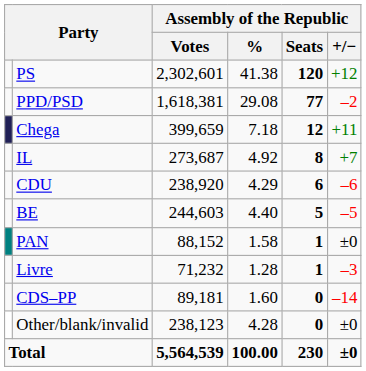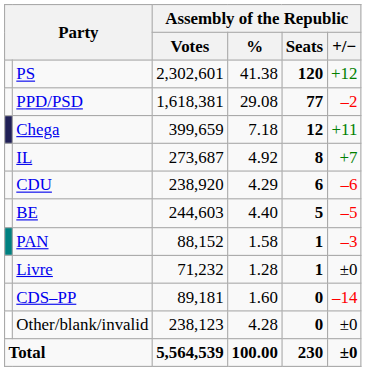 <table class="wikitable" style="text-align:right; font-size:95%;">
 <tr>
 <th colspan="2" rowspan="2">Party</th>
 <th colspan="4">Assembly of the Republic</th>
 </tr>
 <tr>
 <th>Votes</th>
 <th>%</th>
 <th>Seats</th>
 <th>+/−</th>
 </tr>
 <tr>
 <td style="background:"></td>
 <td align="left"><a href='#'>PS</a></td>
 <td>2,302,601</td>
 <td>41.38</td>
 <td><strong>120</strong></td>
 <td style="color:green;">+12</td>
 </tr>
 <tr>
 <td style="background:"></td>
 <td align="left"><a href='#'>PPD/PSD</a></td>
 <td>1,618,381</td>
 <td>29.08</td>
 <td><strong>77</strong></td>
 <td style="color:red;">–2</td>
 </tr>
 <tr>
 <td style="background:#202056;"></td>
 <td align="left"><a href='#'>Chega</a></td>
 <td>399,659</td>
 <td>7.18</td>
 <td><strong>12</strong></td>
 <td style="color:green;">+11</td>
 </tr>
 <tr>
 <td style="background:"></td>
 <td align="left"><a href='#'>IL</a></td>
 <td>273,687</td>
 <td>4.92</td>
 <td><strong>8</strong></td>
 <td style="color:green;">+7</td>
 </tr>
 <tr>
 <td style="background:"></td>
 <td align="left"><a href='#'>CDU</a></td>
 <td>238,920</td>
 <td>4.29</td>
 <td><strong>6</strong></td>
 <td style="color:red;">–6</td>
 </tr>
 <tr>
 <td style="background:"></td>
 <td align="left"><a href='#'>BE</a></td>
 <td>244,603</td>
 <td>4.40</td>
 <td><strong>5</strong></td>
 <td style="color:red;">–5</td>
 </tr>
 <tr>
 <td style="background:teal;"></td>
 <td align="left"><a href='#'>PAN</a></td>
 <td>88,152</td>
 <td>1.58</td>
 <td><strong>1</strong></td>
-<td>±0</td>
+<td style="color:red;">–3</td>
 </tr>
 <tr>
 <td style="background:"></td>
 <td align="left"><a href='#'>Livre</a></td>
 <td>71,232</td>
 <td>1.28</td>
 <td><strong>1</strong></td>
-<td style="color:red;">–3</td>
+<td>±0</td>
 </tr>
 <tr>
 <td style="background:"></td>
 <td align="left"><a href='#'>CDS–PP</a></td>
 <td>89,181</td>
 <td>1.60</td>
 <td><strong>0</strong></td>
 <td style="color:red;">–14</td>
 </tr>
 <tr>
 <td style="background:white;"></td>
 <td align="left">Other/blank/invalid</td>
 <td>238,123</td>
 <td>4.28</td>
 <td><strong>0</strong></td>
 <td>±0</td>
 </tr>
 <tr style="font-weight:bold">
 <td colspan="2" align="left">Total</td>
 <td>5,564,539</td>
 <td>100.00</td>
 <td>230</td>
 <td>±0</td>
 </tr>
 </table>
